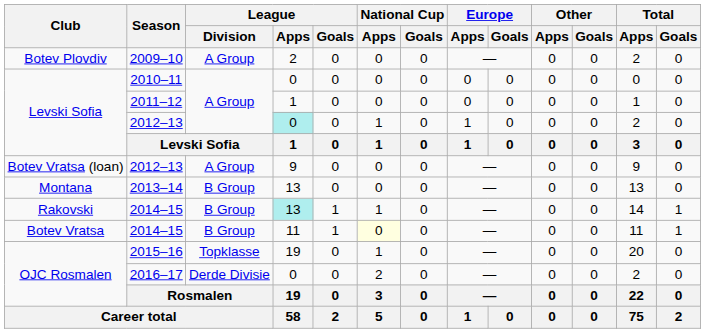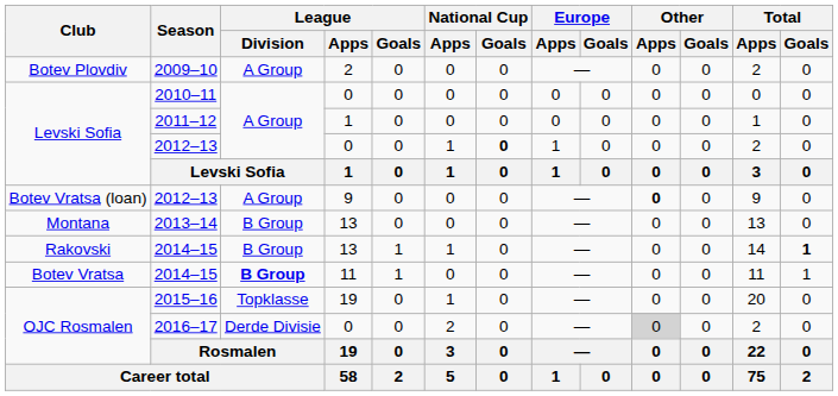 <table class="wikitable" style="text-align:center">
 <tr>
 <th rowspan="2">Club</th>
 <th rowspan="2">Season</th>
 <th colspan="3">League</th>
 <th colspan="2">National Cup</th>
 <th colspan="2"><a href='#'>Europe</a></th>
 <th colspan="2">Other</th>
 <th colspan="2">Total</th>
 </tr>
 <tr>
 <th>Division</th>
 <th>Apps</th>
 <th>Goals</th>
 <th>Apps</th>
 <th>Goals</th>
 <th>Apps</th>
 <th>Goals</th>
 <th>Apps</th>
 <th>Goals</th>
 <th>Apps</th>
 <th>Goals</th>
 </tr>
 <tr>
 <td><a href='#'>Botev Plovdiv</a></td>
 <td><a href='#'>2009–10</a></td>
 <td><a href='#'>A Group</a></td>
 <td>2</td>
 <td>0</td>
 <td>0</td>
 <td>0</td>
 <td colspan="2">—</td>
 <td>0</td>
 <td>0</td>
 <td>2</td>
 <td>0</td>
 </tr>
 <tr>
 <td rowspan="4"><a href='#'>Levski Sofia</a></td>
 <td><a href='#'>2010–11</a></td>
 <td rowspan="3"><a href='#'>A Group</a></td>
 <td>0</td>
 <td>0</td>
 <td>0</td>
 <td>0</td>
 <td>0</td>
 <td>0</td>
 <td>0</td>
 <td>0</td>
 <td>0</td>
 <td>0</td>
 </tr>
 <tr>
 <td><a href='#'>2011–12</a></td>
 <td>1</td>
 <td>0</td>
 <td>0</td>
 <td>0</td>
 <td>0</td>
 <td>0</td>
 <td>0</td>
 <td>0</td>
 <td>1</td>
 <td>0</td>
 </tr>
 <tr>
 <td><a href='#'>2012–13</a></td>
-<td style="background: paleturquoise;">0</td>
+<td>0</td>
 <td>0</td>
 <td>1</td>
-<td>0</td>
+<td><strong>0</strong></td>
 <td>1</td>
 <td>0</td>
 <td>0</td>
 <td>0</td>
 <td>2</td>
 <td>0</td>
 </tr>
 <tr>
 <th colspan="2">Levski Sofia</th>
 <th>1</th>
 <th>0</th>
 <th>1</th>
 <th>0</th>
 <th>1</th>
 <th>0</th>
 <th>0</th>
 <th>0</th>
 <th>3</th>
 <th>0</th>
 </tr>
 <tr>
 <td><a href='#'>Botev Vratsa</a> (loan)</td>
 <td><a href='#'>2012–13</a></td>
 <td><a href='#'>A Group</a></td>
 <td>9</td>
 <td>0</td>
 <td>0</td>
 <td>0</td>
 <td colspan="2">—</td>
-<td>0</td>
+<td><strong>0</strong></td>
 <td>0</td>
 <td>9</td>
 <td>0</td>
 </tr>
 <tr>
 <td><a href='#'>Montana</a></td>
 <td><a href='#'>2013–14</a></td>
 <td><a href='#'>B Group</a></td>
 <td>13</td>
 <td>0</td>
 <td>0</td>
 <td>0</td>
 <td colspan="2">—</td>
 <td>0</td>
 <td>0</td>
 <td>13</td>
 <td>0</td>
 </tr>
 <tr>
 <td><a href='#'>Rakovski</a></td>
 <td><a href='#'>2014–15</a></td>
 <td><a href='#'>B Group</a></td>
-<td style="background: paleturquoise;">13</td>
+<td>13</td>
 <td>1</td>
 <td>1</td>
 <td>0</td>
 <td colspan="2">—</td>
 <td>0</td>
 <td>0</td>
 <td>14</td>
-<td>1</td>
+<td><strong>1</strong></td>
 </tr>
 <tr>
 <td><a href='#'>Botev Vratsa</a></td>
 <td><a href='#'>2014–15</a></td>
-<td><a href='#'>B Group</a></td>
+<td><strong><a href='#'>B Group</a></strong></td>
 <td>11</td>
 <td>1</td>
-<td style="background: lightyellow;">0</td>
+<td>0</td>
 <td>0</td>
 <td colspan="2">—</td>
 <td>0</td>
 <td>0</td>
 <td>11</td>
 <td>1</td>
 </tr>
 <tr>
 <td rowspan="3"><a href='#'>OJC Rosmalen</a></td>
 <td><a href='#'>2015–16</a></td>
 <td><a href='#'>Topklasse</a></td>
 <td>19</td>
 <td>0</td>
 <td>1</td>
 <td>0</td>
 <td colspan="2">—</td>
 <td>0</td>
 <td>0</td>
 <td>20</td>
 <td>0</td>
 </tr>
 <tr>
 <td><a href='#'>2016–17</a></td>
 <td><a href='#'>Derde Divisie</a></td>
 <td>0</td>
 <td>0</td>
 <td>2</td>
 <td>0</td>
 <td colspan="2">—</td>
-<td>0</td>
+<td style="background: lightgrey;">0</td>
 <td>0</td>
 <td>2</td>
 <td>0</td>
 </tr>
 <tr>
 <th colspan="2">Rosmalen</th>
 <th>19</th>
 <th>0</th>
 <th>3</th>
 <th>0</th>
 <th colspan="2">—</th>
 <th>0</th>
 <th>0</th>
 <th>22</th>
 <th>0</th>
 </tr>
 <tr>
 <th colspan="3">Career total</th>
 <th>58</th>
 <th>2</th>
 <th>5</th>
 <th>0</th>
 <th>1</th>
 <th>0</th>
 <th>0</th>
 <th>0</th>
 <th>75</th>
 <th>2</th>
 </tr>
 </table>
